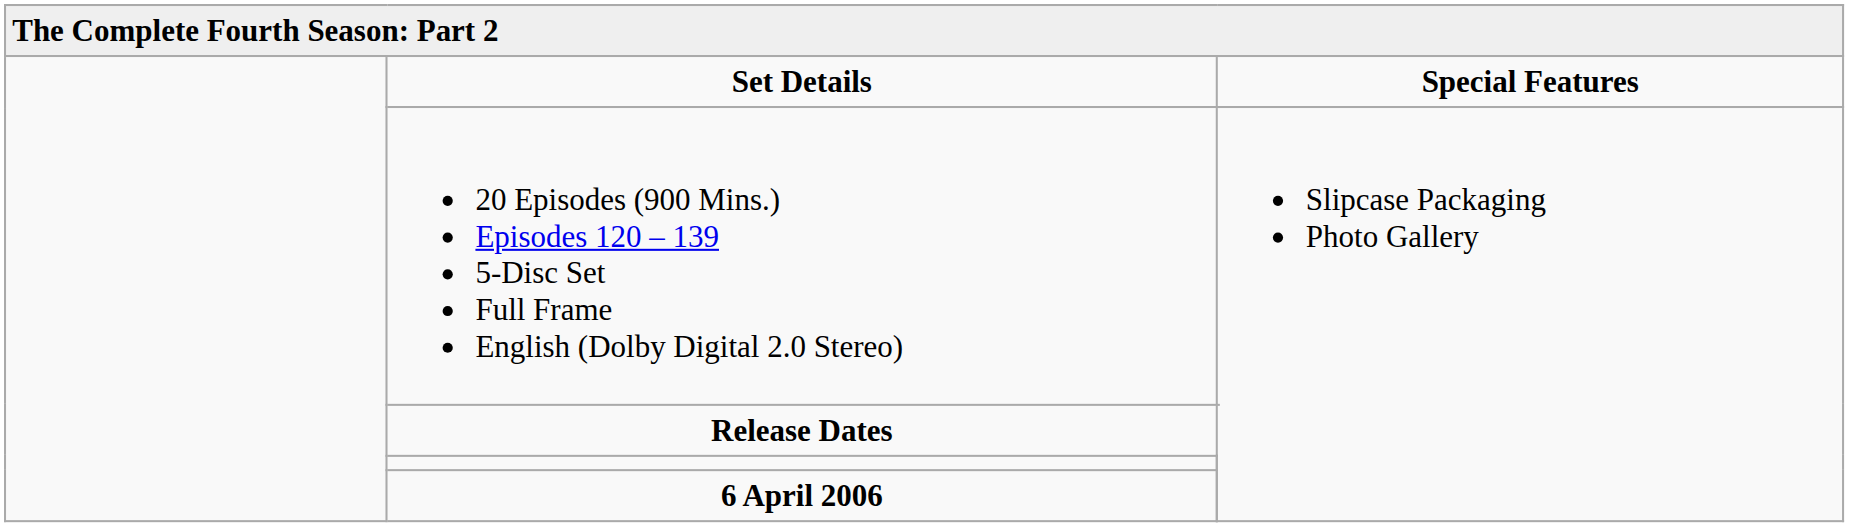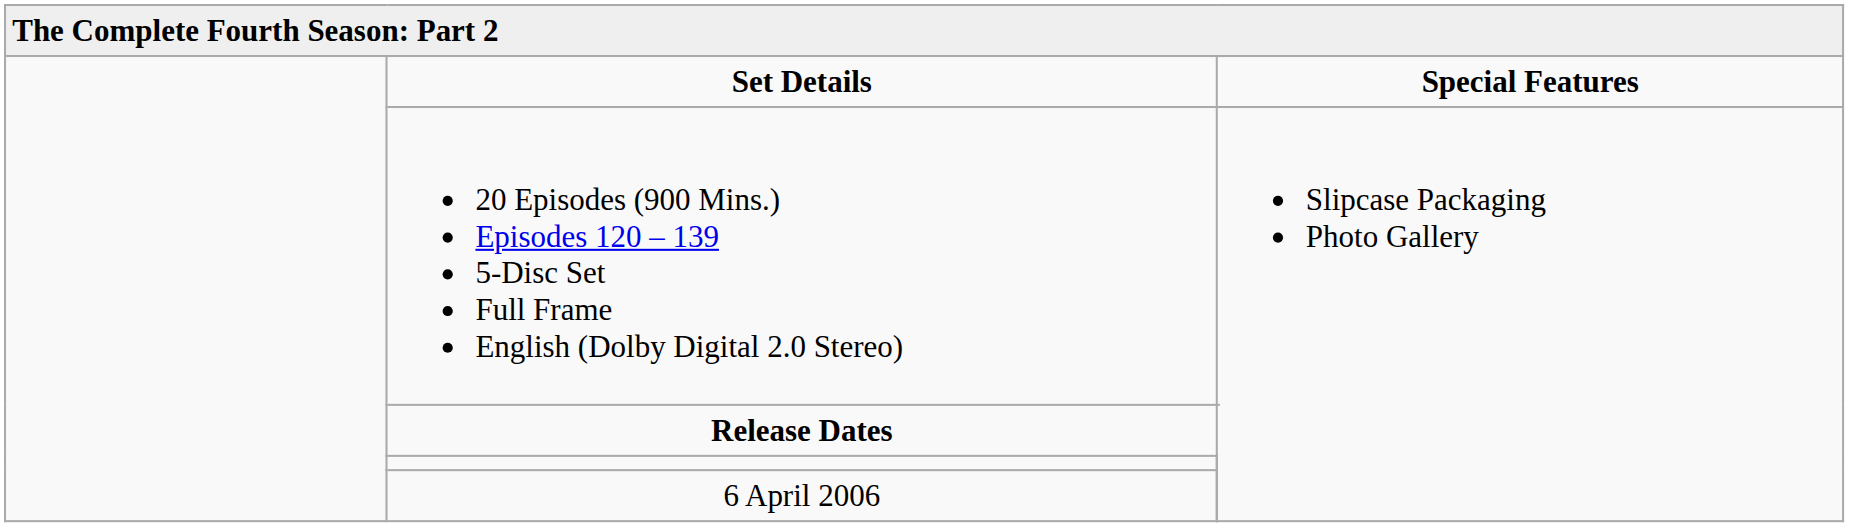 <table class="wikitable" style="font-size: 95%;">
 <tr style="background:#EFEFEF">
 <td colspan="5"><strong>The Complete Fourth Season: Part 2</strong></td>
 </tr>
 <tr>
 <td rowspan="6" align="center" width="180"></td>
 <td align="center" width="350" colspan="3"><strong>Set Details</strong></td>
 <td width="250" align="center"><strong>Special Features</strong></td>
 </tr>
 <tr valign="top">
 <td colspan="3" align="left" width="400"><br><ul><li>20 Episodes (900 Mins.)</li><li><a href='#'>Episodes 120 – 139</a></li><li>5-Disc Set</li><li>Full Frame</li><li>English (Dolby Digital 2.0 Stereo)</li></ul></td>
 <td rowspan="4" align="left" width="300"><br><ul><li>Slipcase Packaging</li><li>Photo Gallery</li></ul></td>
 </tr>
 <tr>
 <td colspan="3" align="center"><strong>Release Dates</strong></td>
 </tr>
 <tr>
 <td align="center"></td>
 </tr>
 <tr>
-<td align="center"><strong>6 April 2006</strong></td>
+<td align="center">6 April 2006</td>
 </tr>
 </table>
